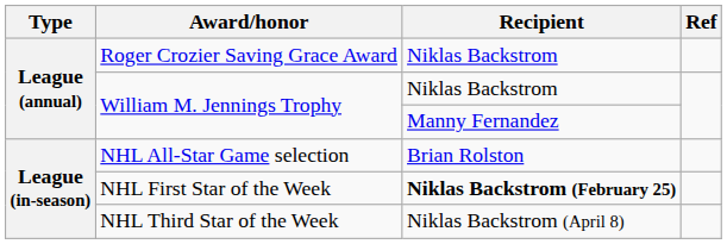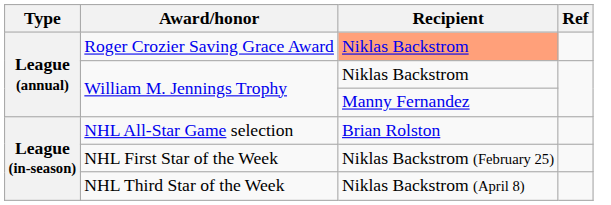 <table class="wikitable">
 <tr>
 <th scope="col">Type</th>
 <th scope="col">Award/honor</th>
 <th scope="col">Recipient</th>
 <th scope="col">Ref</th>
 </tr>
 <tr>
 <th scope="row" rowspan="3">League<br><small>(annual)</small></th>
 <td><a href='#'>Roger Crozier Saving Grace Award</a></td>
-<td><a href='#'>Niklas Backstrom</a></td>
+<td style="background: lightsalmon;"><a href='#'>Niklas Backstrom</a></td>
 <td></td>
 </tr>
 <tr>
 <td rowspan="2"><a href='#'>William M. Jennings Trophy</a></td>
 <td>Niklas Backstrom</td>
 <td rowspan="2"></td>
 </tr>
 <tr>
 <td><a href='#'>Manny Fernandez</a></td>
 </tr>
 <tr>
 <th scope="row" rowspan="3">League<br><small>(in-season)</small></th>
 <td><a href='#'>NHL All-Star Game</a> selection</td>
 <td><a href='#'>Brian Rolston</a></td>
 <td></td>
 </tr>
 <tr>
 <td>NHL First Star of the Week</td>
-<td><strong>Niklas Backstrom <small>(February 25)</small></strong></td>
+<td>Niklas Backstrom <small>(February 25)</small></td>
 <td></td>
 </tr>
 <tr>
 <td>NHL Third Star of the Week</td>
 <td>Niklas Backstrom <small>(April 8)</small></td>
 <td></td>
 </tr>
 </table>
